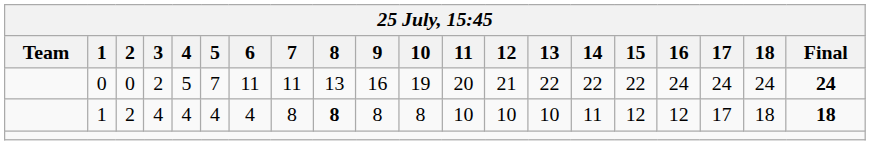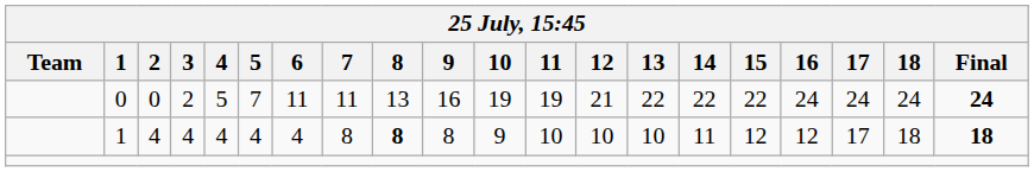 <table class=wikitable style="text-align:center; width: 55%">
 <tr>
 <th colspan=20><em>25 July, 15:45</em></th>
 </tr>
 <tr>
 <th>Team</th>
 <th>1</th>
 <th>2</th>
 <th>3</th>
 <th>4</th>
 <th>5</th>
 <th>6</th>
 <th>7</th>
 <th>8</th>
 <th>9</th>
 <th>10</th>
 <th>11</th>
 <th>12</th>
 <th>13</th>
 <th>14</th>
 <th>15</th>
 <th>16</th>
 <th>17</th>
 <th>18</th>
 <th>Final</th>
 </tr>
 <tr>
 <td align=left><strong></strong></td>
 <td>0</td>
 <td>0</td>
 <td>2</td>
 <td>5</td>
 <td>7</td>
 <td>11</td>
 <td>11</td>
 <td>13</td>
 <td>16</td>
 <td>19</td>
-<td>20</td>
+<td>19</td>
 <td>21</td>
 <td>22</td>
 <td>22</td>
 <td>22</td>
 <td>24</td>
 <td>24</td>
 <td>24</td>
 <td><strong>24</strong></td>
 </tr>
 <tr>
 <td align=left></td>
 <td>1</td>
-<td>2</td>
+<td>4</td>
 <td>4</td>
 <td>4</td>
 <td>4</td>
 <td>4</td>
 <td>8</td>
 <td><strong>8</strong></td>
 <td>8</td>
-<td>8</td>
+<td>9</td>
 <td>10</td>
 <td>10</td>
 <td>10</td>
 <td>11</td>
 <td>12</td>
 <td>12</td>
 <td>17</td>
 <td>18</td>
 <td><strong>18</strong></td>
 </tr>
 <tr>
 <td colspan=20></td>
 </tr>
 </table>
